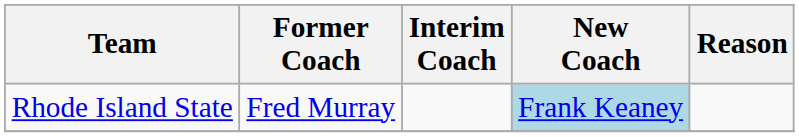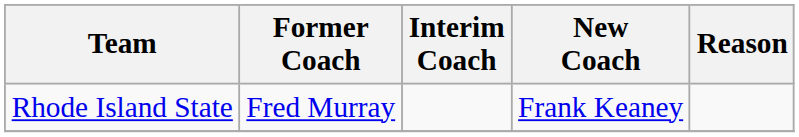 <table class="wikitable" style="text-align:center;">
 <tr>
 <th>Team</th>
 <th>Former<br>Coach</th>
 <th>Interim<br>Coach</th>
 <th>New<br>Coach</th>
 <th>Reason</th>
 </tr>
 <tr>
 <td><a href='#'>Rhode Island State</a></td>
 <td><a href='#'>Fred Murray</a></td>
 <td></td>
-<td style="background: lightblue;"><a href='#'>Frank Keaney</a></td>
+<td><a href='#'>Frank Keaney</a></td>
 <td></td>
 </tr>
 <tr>
 </tr>
 </table>
